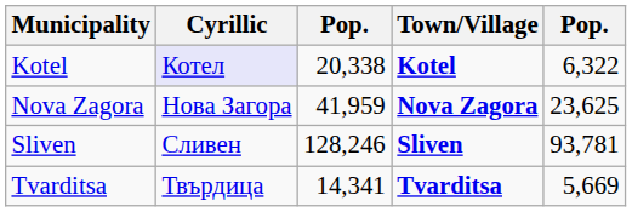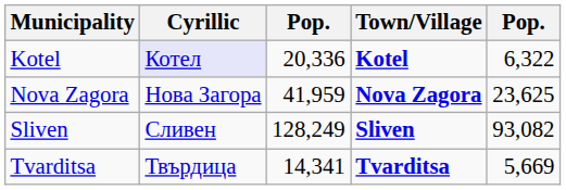 <table class="wikitable sortable">
 <tr>
 <th>Municipality</th>
 <th>Cyrillic</th>
 <th>Pop.</th>
 <th>Town/Village</th>
 <th>Pop.</th>
 </tr>
 <tr>
 <td><a href='#'>Kotel</a></td>
 <td style="background: lavender;"><a href='#'>Котел</a></td>
-<td align="right">20,338</td>
+<td align="right">20,336</td>
 <td><strong><a href='#'>Kotel</a></strong></td>
 <td align="right">6,322</td>
 </tr>
 <tr>
 <td><a href='#'>Nova Zagora</a></td>
 <td><a href='#'>Нова Загора</a></td>
 <td align="right">41,959</td>
 <td><strong><a href='#'>Nova Zagora</a></strong></td>
 <td align="right">23,625</td>
 </tr>
 <tr>
 <td><a href='#'>Sliven</a></td>
 <td><a href='#'>Сливен</a></td>
-<td align="right">128,246</td>
+<td align="right">128,249</td>
 <td><strong><a href='#'>Sliven</a></strong></td>
-<td align="right">93,781</td>
+<td align="right">93,082</td>
 </tr>
 <tr>
 <td><a href='#'>Tvarditsa</a></td>
 <td><a href='#'>Твърдица</a></td>
 <td align="right">14,341</td>
 <td><strong><a href='#'>Tvarditsa</a></strong></td>
 <td align="right">5,669</td>
 </tr>
 </table>
